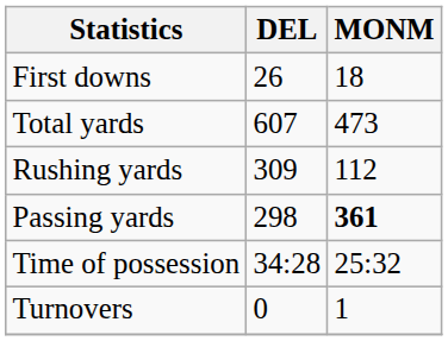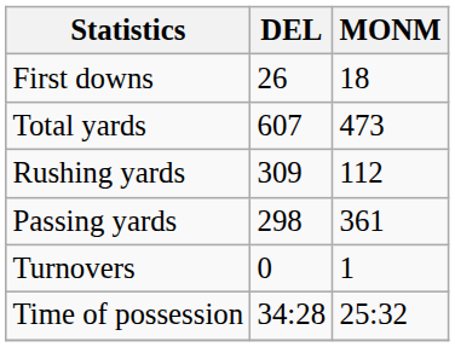 <table class="wikitable" style="float: left;">
 <tr>
 <th>Statistics</th>
 <th>DEL</th>
 <th>MONM</th>
 </tr>
 <tr>
 <td>First downs</td>
 <td>26</td>
 <td>18</td>
 </tr>
 <tr>
 <td>Total yards</td>
 <td>607</td>
 <td>473</td>
 </tr>
 <tr>
 <td>Rushing yards</td>
 <td>309</td>
 <td>112</td>
 </tr>
 <tr>
 <td>Passing yards</td>
 <td>298</td>
-<td><strong>361</strong></td>
+<td>361</td>
+</tr>
+<tr>
+<td>Turnovers</td>
+<td>0</td>
+<td>1</td>
 </tr>
 <tr>
 <td>Time of possession</td>
 <td>34:28</td>
 <td>25:32</td>
 </tr>
 <tr>
-<td>Turnovers</td>
-<td>0</td>
-<td>1</td>
-</tr>
-<tr>
 </tr>
 </table>
